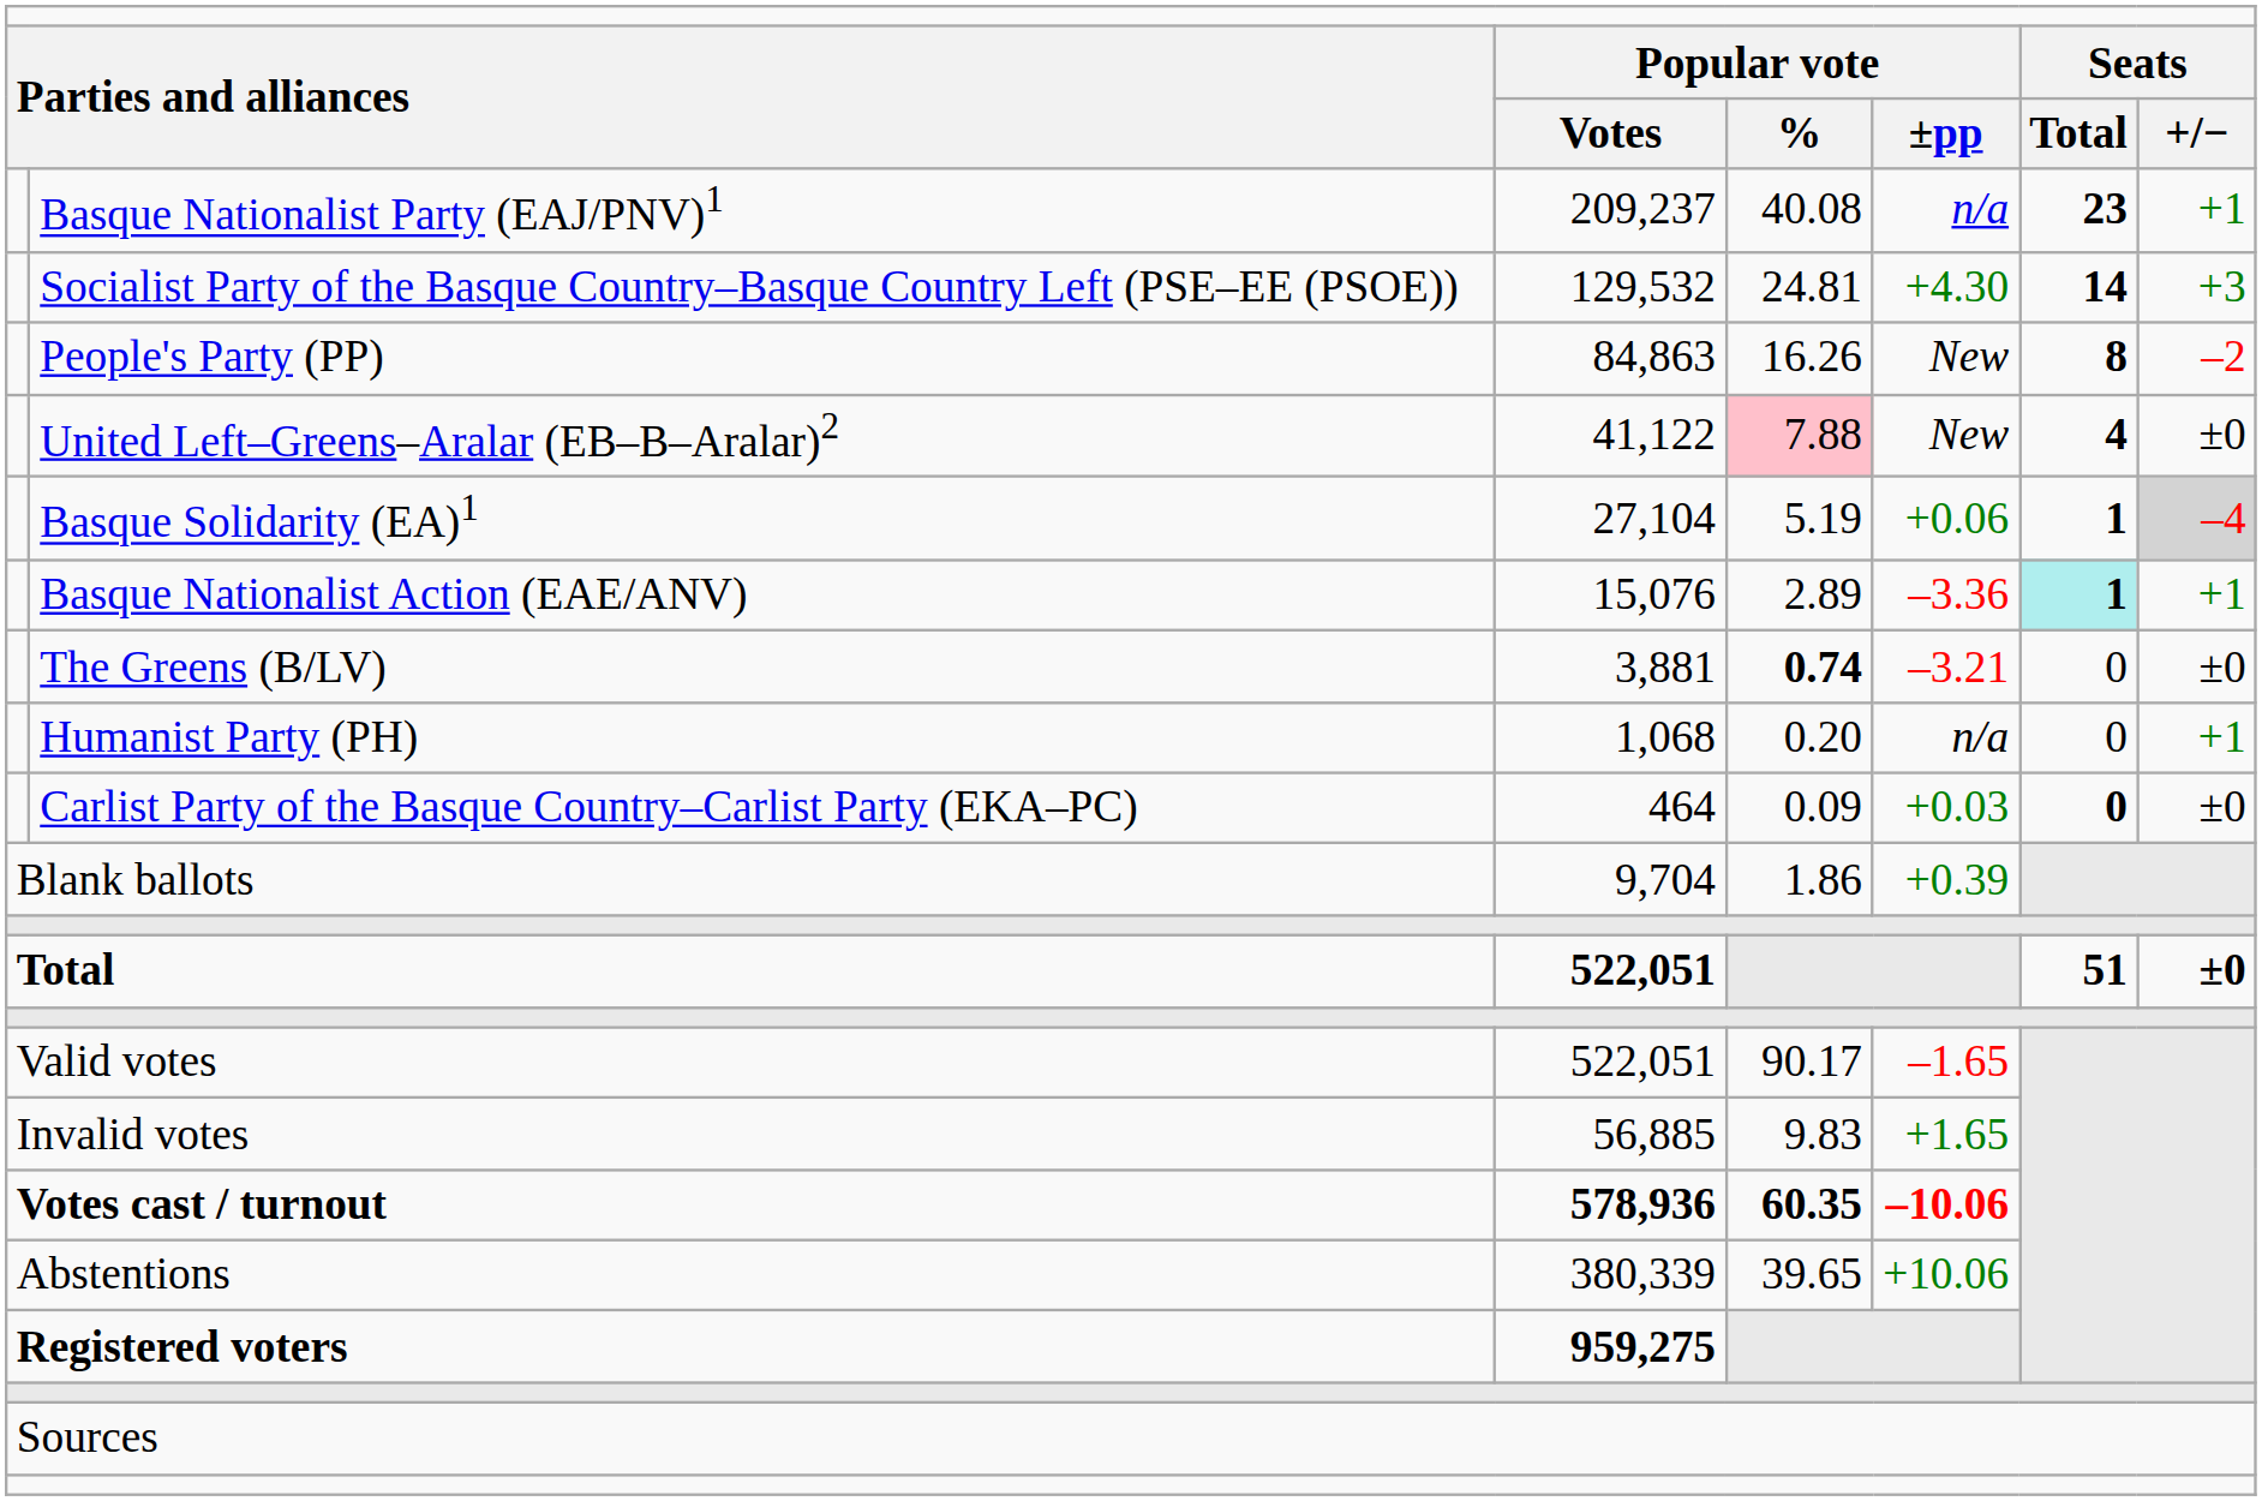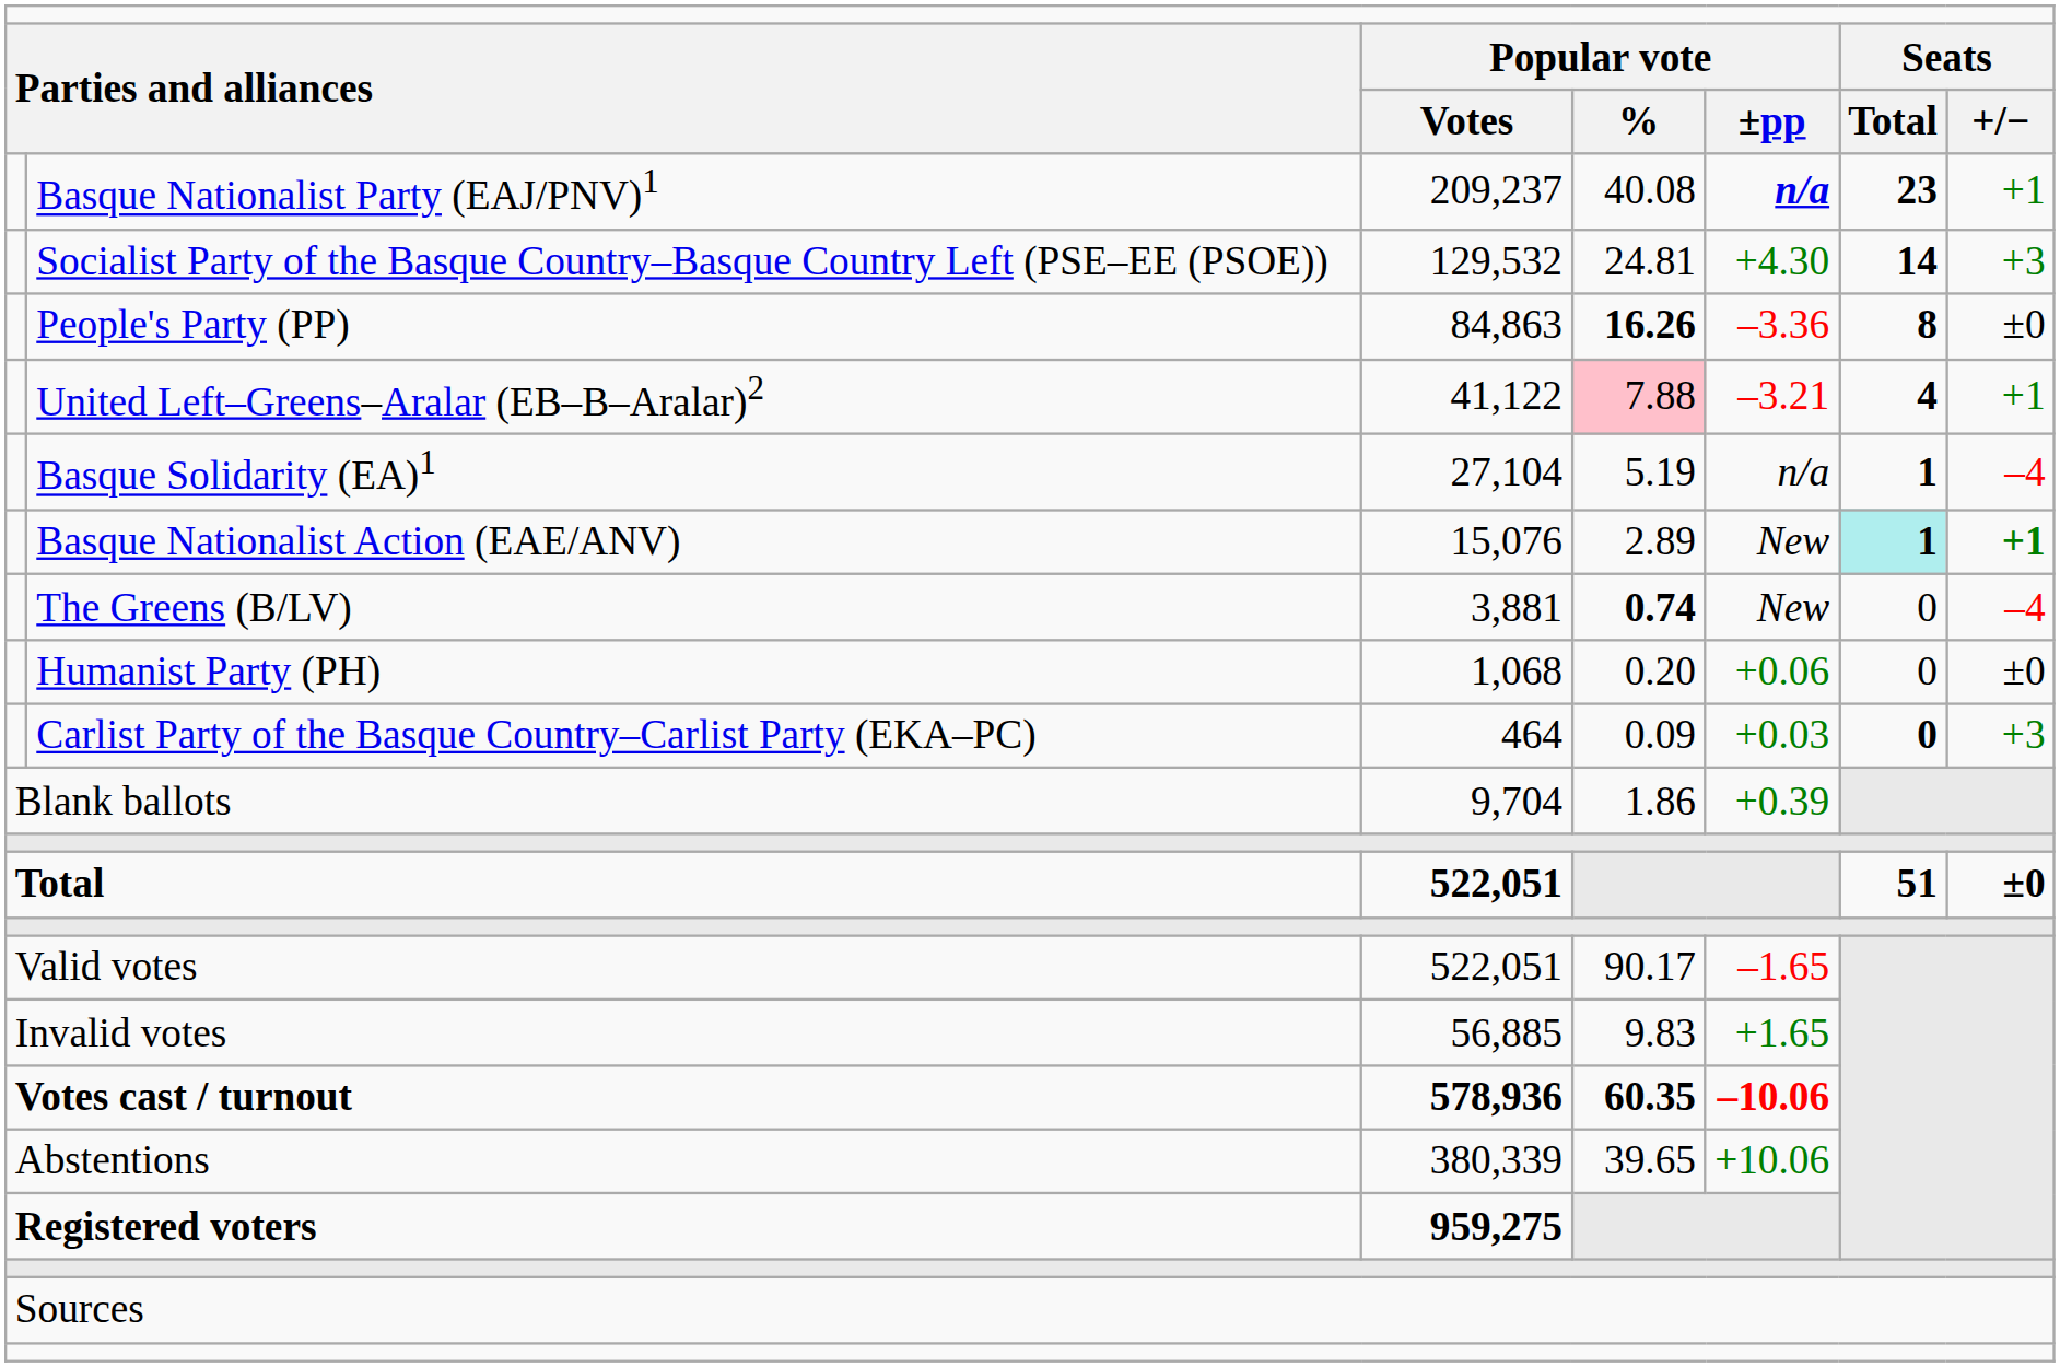 <table class="wikitable" style="text-align:right;">
 <tr>
 <td colspan="7"></td>
 </tr>
 <tr>
 <th style="text-align:left;" rowspan="2" colspan="2" width="525">Parties and alliances</th>
 <th colspan="3">Popular vote</th>
 <th colspan="2">Seats</th>
 </tr>
 <tr>
 <th width="75">Votes</th>
 <th width="45">%</th>
 <th width="45">±<a href='#'>pp</a></th>
 <th width="35">Total</th>
 <th width="35">+/−</th>
 </tr>
 <tr>
 <td width="1" style="color:inherit;background:"></td>
 <td align="left"><a href='#'>Basque Nationalist Party</a> (EAJ/PNV)<sup>1</sup></td>
 <td>209,237</td>
 <td>40.08</td>
-<td><em><a href='#'>n/a</a></em></td>
+<td><strong><em><a href='#'>n/a</a></em></strong></td>
 <td><strong>23</strong></td>
 <td style="color:green;">+1</td>
 </tr>
 <tr>
 <td style="color:inherit;background:"></td>
 <td align="left"><a href='#'>Socialist Party of the Basque Country–Basque Country Left</a> (PSE–EE (PSOE))</td>
 <td>129,532</td>
 <td>24.81</td>
 <td style="color:green;">+4.30</td>
 <td><strong>14</strong></td>
 <td style="color:green;">+3</td>
 </tr>
 <tr>
 <td style="color:inherit;background:"></td>
 <td align="left"><a href='#'>People's Party</a> (PP)</td>
 <td>84,863</td>
-<td>16.26</td>
-<td><em>New</em></td>
+<td><strong>16.26</strong></td>
+<td style="color:red;">–3.36</td>
 <td><strong>8</strong></td>
-<td style="color:red;">–2</td>
+<td>±0</td>
 </tr>
 <tr>
 <td style="color:inherit;background:"></td>
 <td align="left"><a href='#'>United Left–Greens</a>–<a href='#'>Aralar</a> (EB–B–Aralar)<sup>2</sup></td>
 <td>41,122</td>
 <td style="background: pink;">7.88</td>
-<td><em>New</em></td>
+<td style="color:red;">–3.21</td>
 <td><strong>4</strong></td>
-<td>±0</td>
+<td style="color:green;">+1</td>
 </tr>
 <tr>
 <td style="color:inherit;background:"></td>
 <td align="left"><a href='#'>Basque Solidarity</a> (EA)<sup>1</sup></td>
 <td>27,104</td>
 <td>5.19</td>
-<td style="color:green;">+0.06</td>
+<td><em>n/a</em></td>
 <td><strong>1</strong></td>
-<td style="background: lightgrey; color:red;">–4</td>
+<td style="color:red;">–4</td>
 </tr>
 <tr>
 <td style="color:inherit;background:"></td>
 <td align="left"><a href='#'>Basque Nationalist Action</a> (EAE/ANV)</td>
 <td>15,076</td>
 <td>2.89</td>
-<td style="color:red;">–3.36</td>
+<td><em>New</em></td>
 <td style="background: paleturquoise;"><strong>1</strong></td>
-<td style="color:green;">+1</td>
+<td style="color:green;"><strong>+1</strong></td>
 </tr>
 <tr>
 <td style="color:inherit;background:"></td>
 <td align="left"><a href='#'>The Greens</a> (B/LV)</td>
 <td>3,881</td>
 <td><strong>0.74</strong></td>
-<td style="color:red;">–3.21</td>
+<td><em>New</em></td>
 <td>0</td>
-<td>±0</td>
+<td style="color:red;">–4</td>
 </tr>
 <tr>
 <td style="color:inherit;background:"></td>
 <td align="left"><a href='#'>Humanist Party</a> (PH)</td>
 <td>1,068</td>
 <td>0.20</td>
-<td><em>n/a</em></td>
+<td style="color:green;">+0.06</td>
 <td>0</td>
-<td style="color:green;">+1</td>
+<td>±0</td>
 </tr>
 <tr>
 <td style="color:inherit;background:"></td>
 <td align="left"><a href='#'>Carlist Party of the Basque Country–Carlist Party</a> (EKA–PC)</td>
 <td>464</td>
 <td>0.09</td>
 <td style="color:green;">+0.03</td>
 <td><strong>0</strong></td>
-<td>±0</td>
+<td style="color:green;">+3</td>
 </tr>
 <tr>
 <td align="left" colspan="2">Blank ballots</td>
 <td>9,704</td>
 <td>1.86</td>
 <td style="color:green;">+0.39</td>
 <td bgcolor="#E9E9E9" colspan="2"></td>
 </tr>
 <tr>
 <td colspan="7" bgcolor="#E9E9E9"></td>
 </tr>
 <tr style="font-weight:bold;">
 <td align="left" colspan="2">Total</td>
 <td>522,051</td>
 <td bgcolor="#E9E9E9" colspan="2"></td>
 <td>51</td>
 <td>±0</td>
 </tr>
 <tr>
 <td colspan="7" bgcolor="#E9E9E9"></td>
 </tr>
 <tr>
 <td align="left" colspan="2">Valid votes</td>
 <td>522,051</td>
 <td>90.17</td>
 <td style="color:red;">–1.65</td>
 <td bgcolor="#E9E9E9" colspan="2" rowspan="5"></td>
 </tr>
 <tr>
 <td align="left" colspan="2">Invalid votes</td>
 <td>56,885</td>
 <td>9.83</td>
 <td style="color:green;">+1.65</td>
 </tr>
 <tr style="font-weight:bold;">
 <td align="left" colspan="2">Votes cast / turnout</td>
 <td>578,936</td>
 <td>60.35</td>
 <td style="color:red;">–10.06</td>
 </tr>
 <tr>
 <td align="left" colspan="2">Abstentions</td>
 <td>380,339</td>
 <td>39.65</td>
 <td style="color:green;">+10.06</td>
 </tr>
 <tr style="font-weight:bold;">
 <td align="left" colspan="2">Registered voters</td>
 <td>959,275</td>
 <td bgcolor="#E9E9E9" colspan="2"></td>
 </tr>
 <tr>
 <td colspan="7" bgcolor="#E9E9E9"></td>
 </tr>
 <tr>
 <td align="left" colspan="7">Sources</td>
 </tr>
 <tr>
 <td colspan="7" style="text-align:left; max-width:790px;"></td>
 </tr>
 </table>
